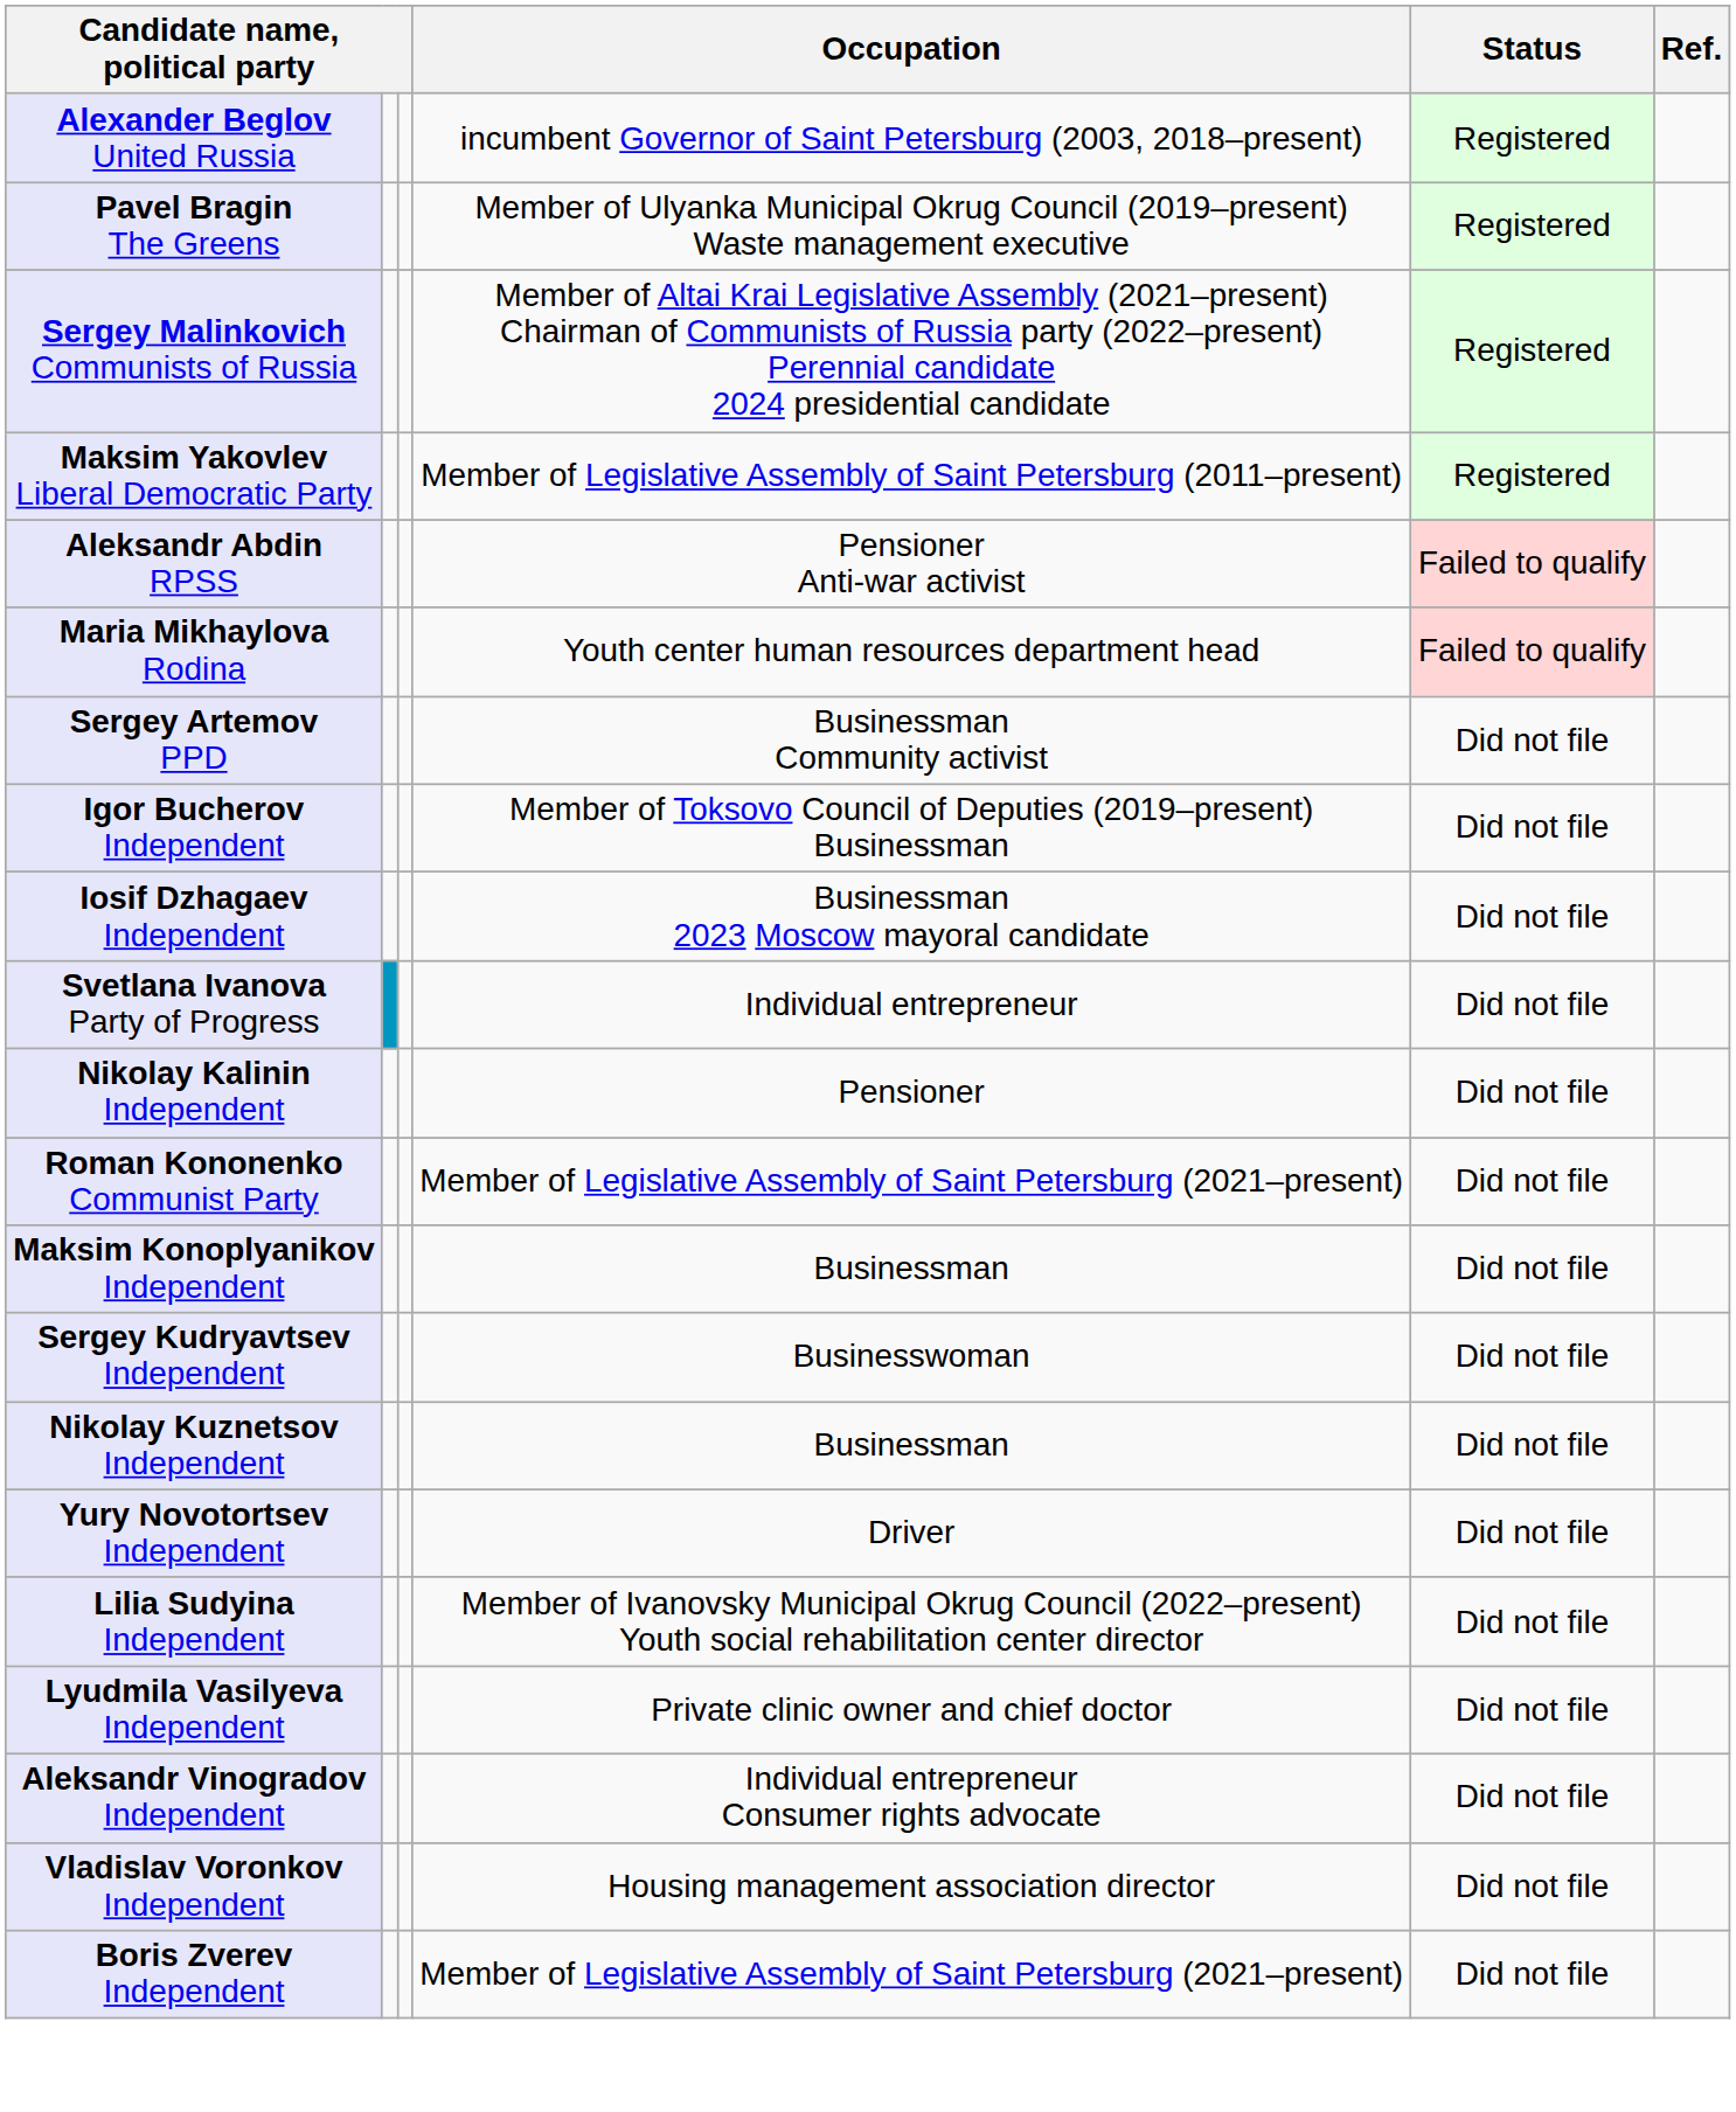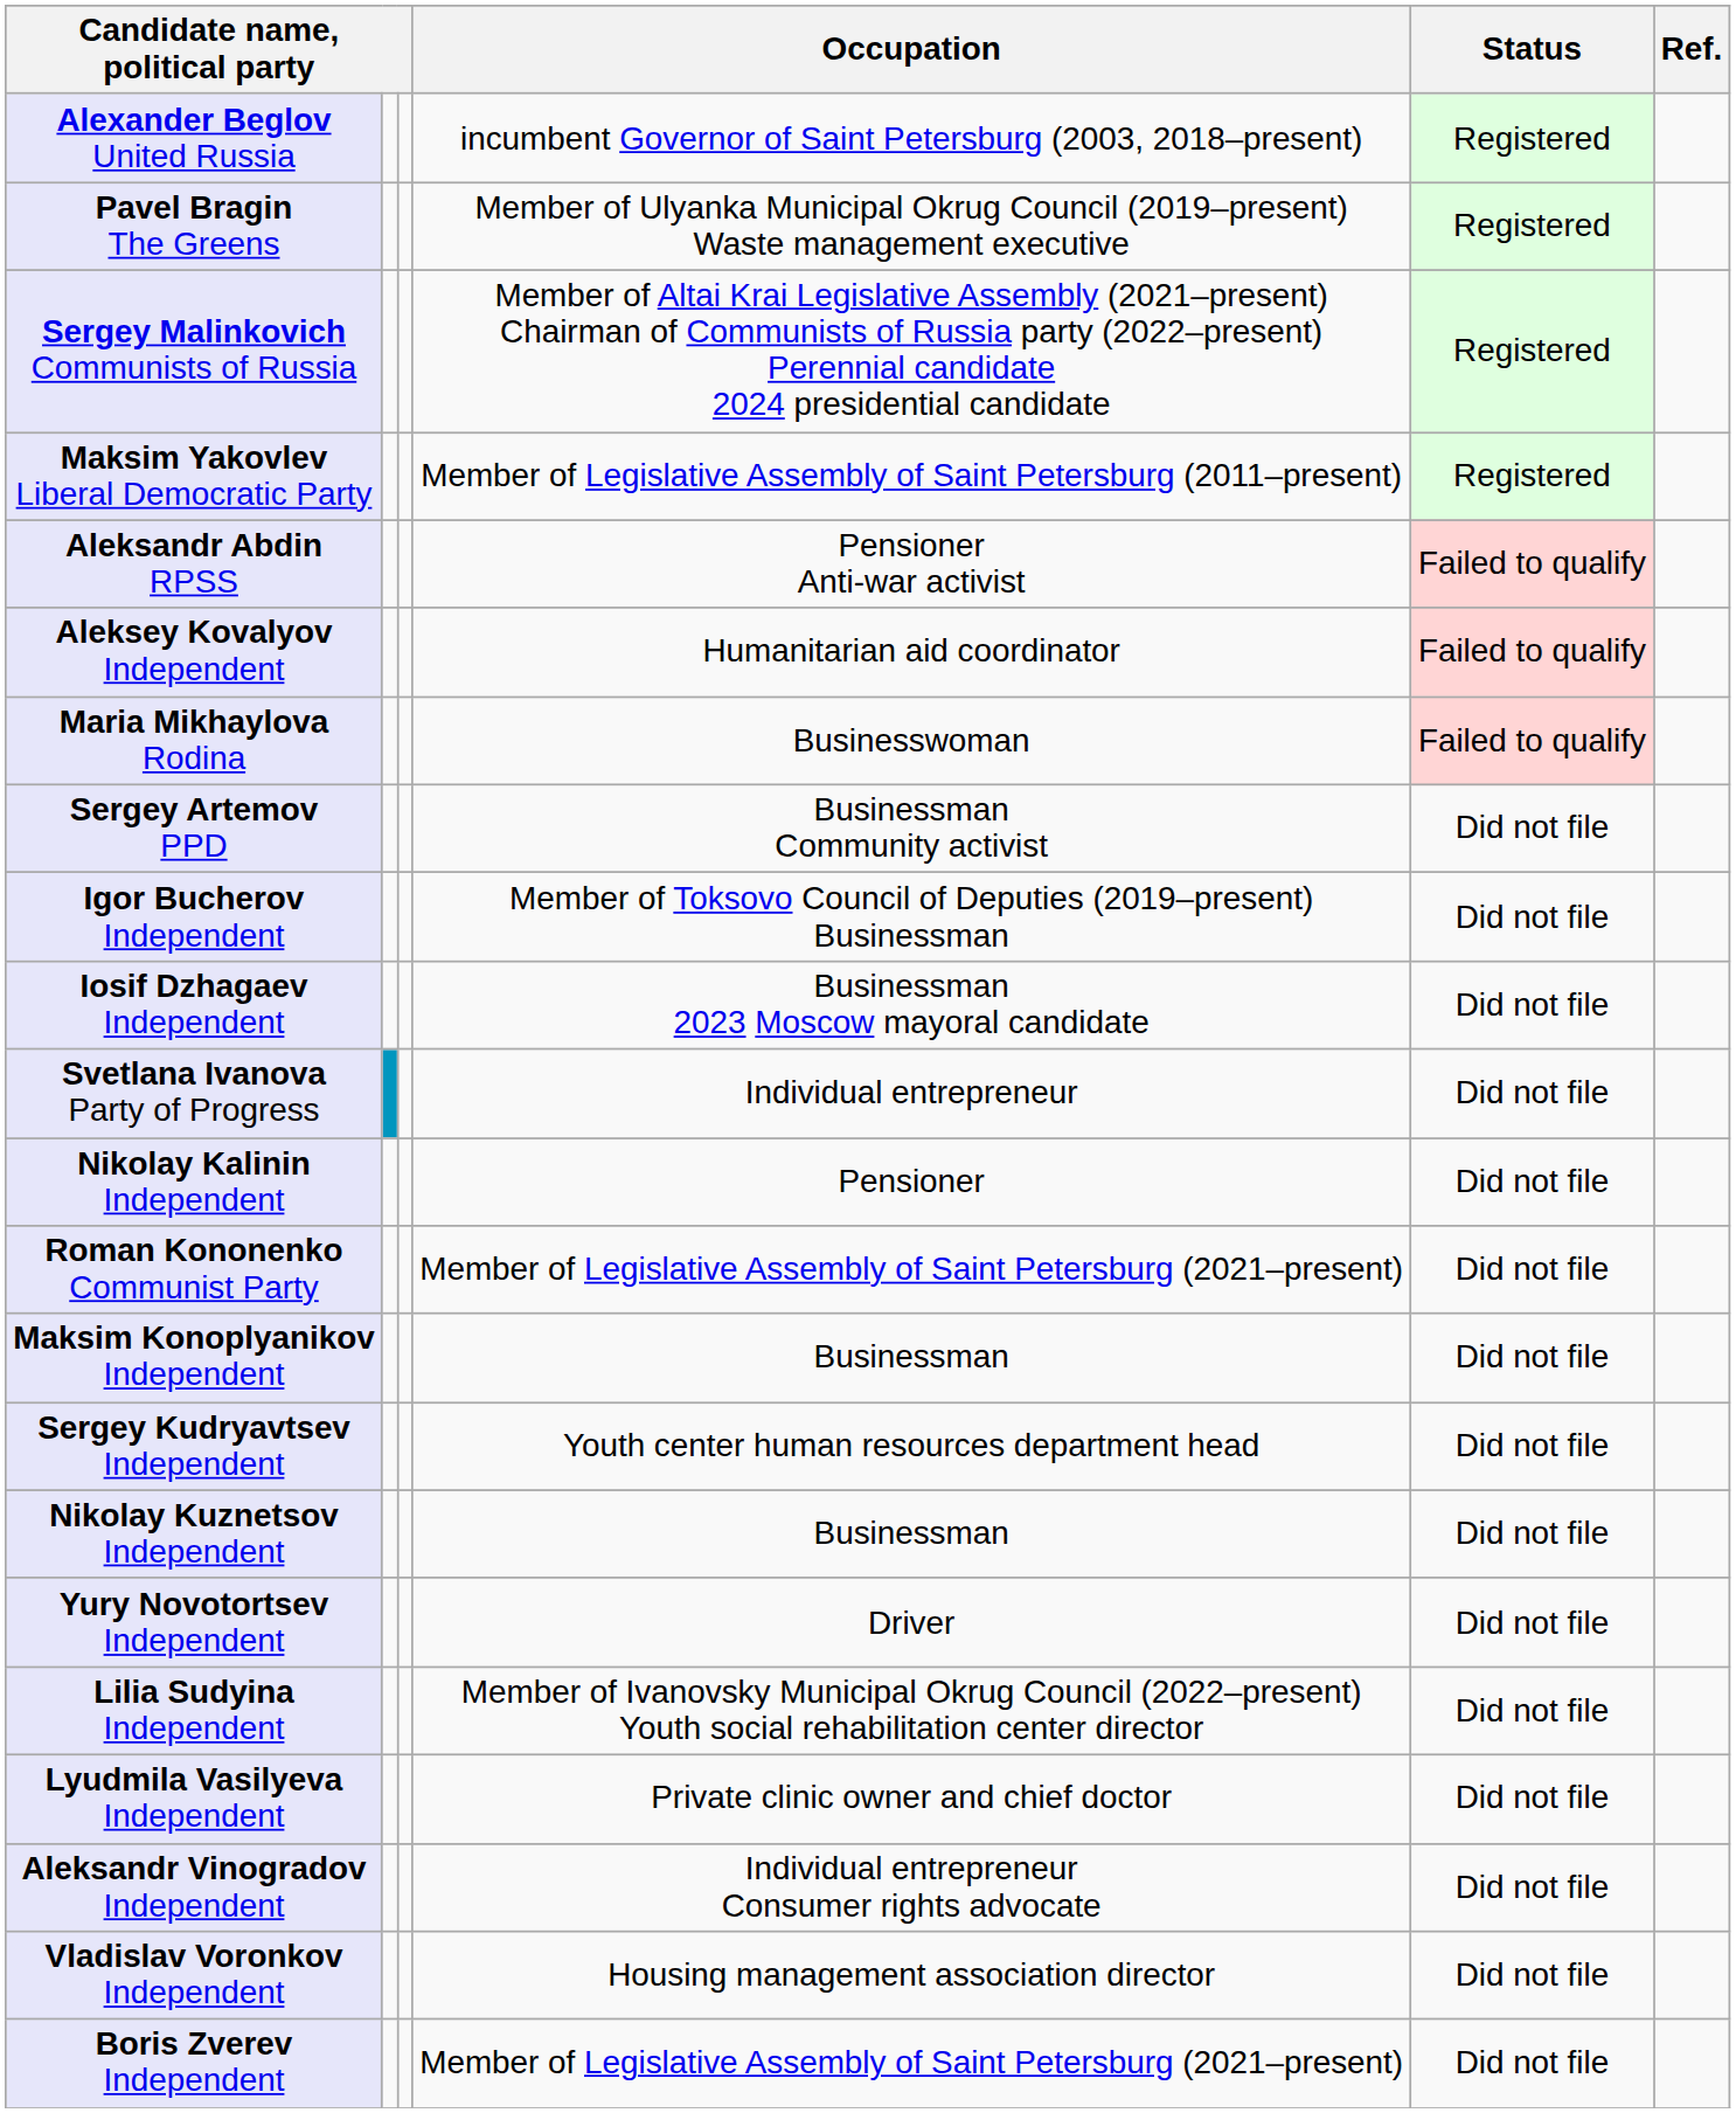 <table class="wikitable" style="text-align:center;">
 <tr>
 <th colspan="3">Candidate name,<br>political party</th>
 <th>Occupation</th>
 <th>Status</th>
 <th>Ref.</th>
 </tr>
 <tr>
 <td style="background:lavender;"><strong><a href='#'>Alexander Beglov</a></strong><br><a href='#'>United Russia</a></td>
 <td style="background-color:"></td>
 <td></td>
 <td>incumbent <a href='#'>Governor of Saint Petersburg</a> (2003, 2018–present)</td>
 <td bgcolor="#DFFFDF">Registered</td>
 <td></td>
 </tr>
 <tr>
 <td style="background:lavender;"><strong>Pavel Bragin</strong><br><a href='#'>The Greens</a></td>
 <td style="background-color:"></td>
 <td></td>
 <td>Member of Ulyanka Municipal Okrug Council (2019–present)<br>Waste management executive</td>
 <td bgcolor="#DFFFDF">Registered</td>
 <td></td>
 </tr>
 <tr>
 <td style="background:lavender;"><strong><a href='#'>Sergey Malinkovich</a></strong><br><a href='#'>Communists of Russia</a></td>
 <td style="background-color:"></td>
 <td></td>
 <td>Member of <a href='#'>Altai Krai Legislative Assembly</a> (2021–present)<br>Chairman of <a href='#'>Communists of Russia</a> party (2022–present)<br><a href='#'>Perennial candidate</a><br><a href='#'>2024</a> presidential candidate</td>
 <td bgcolor="#DFFFDF">Registered</td>
 <td><br></td>
 </tr>
 <tr>
 <td style="background:lavender;"><strong>Maksim Yakovlev</strong><br><a href='#'>Liberal Democratic Party</a></td>
 <td style="background-color:"></td>
 <td></td>
 <td>Member of <a href='#'>Legislative Assembly of Saint Petersburg</a> (2011–present)</td>
 <td bgcolor="#DFFFDF">Registered</td>
 <td></td>
 </tr>
 <tr>
 <td style="background:lavender;"><strong>Aleksandr Abdin</strong><br><a href='#'>RPSS</a></td>
 <td style="background-color:"></td>
 <td></td>
 <td>Pensioner<br>Anti-war activist</td>
 <td align=center bgcolor="#FFD5D5">Failed to qualify</td>
 <td></td>
 </tr>
 <tr>
+<td style="background:lavender;"><strong>Aleksey Kovalyov</strong><br><a href='#'>Independent</a></td>
+<td style="background-color:"></td>
+<td></td>
+<td>Humanitarian aid coordinator</td>
+<td align=center bgcolor="#FFD5D5">Failed to qualify</td>
+<td></td>
+</tr>
+<tr>
 <td style="background:lavender;"><strong>Maria Mikhaylova</strong><br><a href='#'>Rodina</a></td>
 <td style="background-color:"></td>
 <td></td>
-<td>Youth center human resources department head</td>
+<td>Businesswoman</td>
 <td align=center bgcolor="#FFD5D5">Failed to qualify</td>
 <td><br></td>
 </tr>
 <tr>
 <td style="background:lavender;"><strong>Sergey Artemov</strong><br><a href='#'>PPD</a></td>
 <td style="background-color:"></td>
 <td></td>
 <td>Businessman<br>Community activist</td>
 <td>Did not file</td>
 <td></td>
 </tr>
 <tr>
 <td style="background:lavender;"><strong>Igor Bucherov</strong><br><a href='#'>Independent</a></td>
 <td style="background-color:"></td>
 <td></td>
 <td>Member of <a href='#'>Toksovo</a> Council of Deputies (2019–present)<br>Businessman</td>
 <td>Did not file</td>
 <td></td>
 </tr>
 <tr>
 <td style="background:lavender;"><strong>Iosif Dzhagaev</strong><br><a href='#'>Independent</a></td>
 <td style="background-color:"></td>
 <td></td>
 <td>Businessman<br><a href='#'>2023</a> <a href='#'>Moscow</a> mayoral candidate</td>
 <td>Did not file</td>
 <td></td>
 </tr>
 <tr>
 <td style="background:lavender;"><strong>Svetlana Ivanova</strong><br>Party of Progress</td>
 <td style="background-color:#0096BE;"></td>
 <td></td>
 <td>Individual entrepreneur</td>
 <td>Did not file</td>
 <td></td>
 </tr>
 <tr>
 <td style="background:lavender;"><strong>Nikolay Kalinin</strong><br><a href='#'>Independent</a></td>
 <td style="background-color:"></td>
 <td></td>
 <td>Pensioner</td>
 <td>Did not file</td>
 <td></td>
 </tr>
 <tr>
 <td style="background:lavender;"><strong>Roman Kononenko</strong><br><a href='#'>Communist Party</a></td>
 <td style="background-color:"></td>
 <td></td>
 <td>Member of <a href='#'>Legislative Assembly of Saint Petersburg</a> (2021–present)</td>
 <td>Did not file</td>
 <td><br></td>
 </tr>
 <tr>
 <td style="background:lavender;"><strong>Maksim Konoplyanikov</strong><br><a href='#'>Independent</a></td>
 <td style="background-color:"></td>
 <td></td>
 <td>Businessman</td>
 <td>Did not file</td>
 <td></td>
 </tr>
 <tr>
 <td style="background:lavender;"><strong>Sergey Kudryavtsev</strong><br><a href='#'>Independent</a></td>
 <td style="background-color:"></td>
 <td></td>
-<td>Businesswoman</td>
+<td>Youth center human resources department head</td>
 <td>Did not file</td>
 <td></td>
 </tr>
 <tr>
 <td style="background:lavender;"><strong>Nikolay Kuznetsov</strong><br><a href='#'>Independent</a></td>
 <td style="background-color:"></td>
 <td></td>
 <td>Businessman</td>
 <td>Did not file</td>
 <td></td>
 </tr>
 <tr>
 <td style="background:lavender;"><strong>Yury Novotortsev</strong><br><a href='#'>Independent</a></td>
 <td style="background-color:"></td>
 <td></td>
 <td>Driver</td>
 <td>Did not file</td>
 <td></td>
 </tr>
 <tr>
 <td style="background:lavender;"><strong>Lilia Sudyina</strong><br><a href='#'>Independent</a></td>
 <td style="background-color:"></td>
 <td></td>
 <td>Member of Ivanovsky Municipal Okrug Council (2022–present)<br>Youth social rehabilitation center director</td>
 <td>Did not file</td>
 <td></td>
 </tr>
 <tr>
 <td style="background:lavender;"><strong>Lyudmila Vasilyeva</strong><br><a href='#'>Independent</a></td>
 <td style="background-color:"></td>
 <td></td>
 <td>Private clinic owner and chief doctor</td>
 <td>Did not file</td>
 <td><br></td>
 </tr>
 <tr>
 <td style="background:lavender;"><strong>Aleksandr Vinogradov</strong><br><a href='#'>Independent</a></td>
 <td style="background-color:"></td>
 <td></td>
 <td>Individual entrepreneur<br>Consumer rights advocate</td>
 <td>Did not file</td>
 <td></td>
 </tr>
 <tr>
 <td style="background:lavender;"><strong>Vladislav Voronkov</strong><br><a href='#'>Independent</a></td>
 <td style="background-color:"></td>
 <td></td>
 <td>Housing management association director</td>
 <td>Did not file</td>
 <td></td>
 </tr>
 <tr>
 <td style="background:lavender;"><strong>Boris Zverev</strong><br><a href='#'>Independent</a></td>
 <td style="background-color:"></td>
 <td></td>
 <td>Member of <a href='#'>Legislative Assembly of Saint Petersburg</a> (2021–present)</td>
 <td>Did not file</td>
 <td></td>
 </tr>
 </table>
